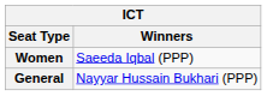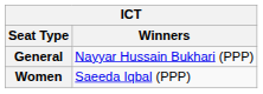 <table class="wikitable">
 <tr>
 <th colspan="2">ICT</th>
 </tr>
 <tr>
 <th>Seat Type</th>
 <th>Winners</th>
 </tr>
 <tr>
+<th>General</th>
+<td style="background:"><a href='#'>Nayyar Hussain Bukhari</a> (PPP)</td>
+</tr>
+<tr>
 <th>Women</th>
 <td style="background:"><a href='#'>Saeeda Iqbal</a> (PPP)</td>
 </tr>
-<tr>
-<th>General</th>
-<td style="background:"><a href='#'>Nayyar Hussain Bukhari</a> (PPP)</td>
-</tr>
 </table>
